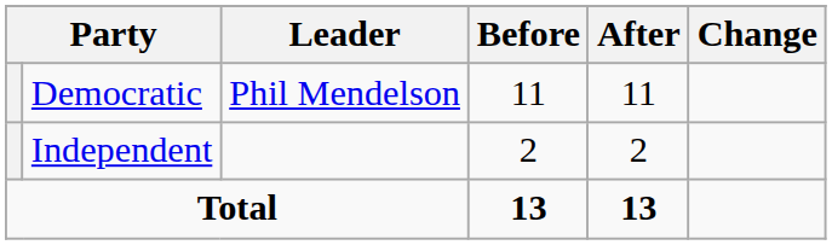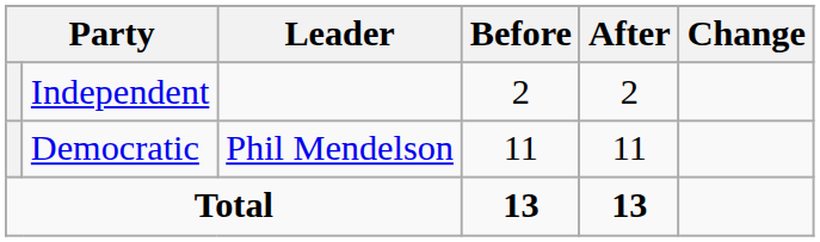 <table class="wikitable" style="text-align:center;">
 <tr>
 </tr>
 <tr>
 <th colspan="2">Party</th>
 <th>Leader</th>
 <th>Before</th>
 <th>After</th>
 <th>Change</th>
 </tr>
 <tr>
 <th style="background-color:"></th>
+<td style="text-align:left;"><a href='#'>Independent</a></td>
+<td style="text-align:left;"></td>
+<td>2</td>
+<td>2</td>
+<td></td>
+</tr>
+<tr>
+<th style="background-color:"></th>
 <td style="text-align:left;"><a href='#'>Democratic</a></td>
 <td style="text-align:left;"><a href='#'>Phil Mendelson</a></td>
 <td>11</td>
 <td>11</td>
-<td></td>
-</tr>
-<tr>
-<th style="background-color:"></th>
-<td style="text-align:left;"><a href='#'>Independent</a></td>
-<td style="text-align:left;"></td>
-<td>2</td>
-<td>2</td>
 <td></td>
 </tr>
 <tr>
 <td colspan="3"><strong>Total</strong></td>
 <td><strong>13</strong></td>
 <td><strong>13</strong></td>
 <td></td>
 </tr>
 </table>
